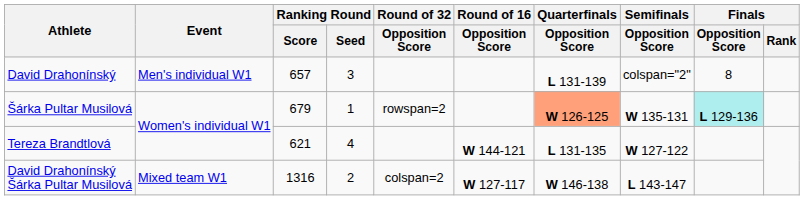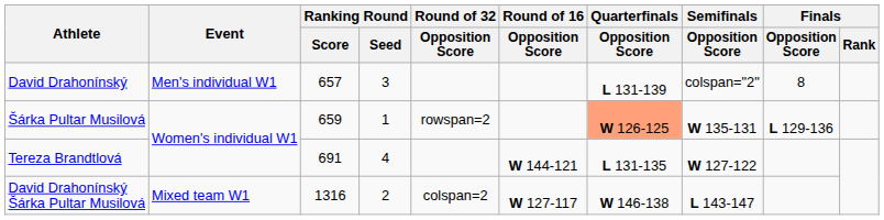 <table class="wikitable" style="text-align: center; font-size:90%">
 <tr>
 <th rowspan="2">Athlete</th>
 <th rowspan="2">Event</th>
 <th colspan="2">Ranking Round</th>
 <th>Round of 32</th>
 <th>Round of 16</th>
 <th>Quarterfinals</th>
 <th>Semifinals</th>
 <th colspan="2">Finals</th>
 </tr>
 <tr style="font-size:95%">
 <th>Score</th>
 <th>Seed</th>
 <th>Opposition<br>Score</th>
 <th>Opposition<br>Score</th>
 <th>Opposition<br>Score</th>
 <th>Opposition<br>Score</th>
 <th>Opposition<br>Score</th>
 <th>Rank</th>
 </tr>
 <tr>
 <td align=left><a href='#'>David Drahonínský</a></td>
 <td align=left><a href='#'>Men's individual W1</a></td>
 <td>657</td>
 <td>3</td>
 <td></td>
 <td></td>
 <td><br><strong>L</strong> 131-139</td>
 <td>colspan="2" </td>
 <td>8</td>
 </tr>
 <tr>
 <td align=left><a href='#'>Šárka Pultar Musilová</a></td>
 <td align=left rowspan=2><a href='#'>Women's individual W1</a></td>
-<td>679</td>
+<td>659</td>
 <td>1</td>
 <td>rowspan=2 </td>
 <td></td>
 <td style="background: lightsalmon;"><br><strong>W</strong> 126-125</td>
 <td><br><strong>W</strong> 135-131</td>
-<td style="background: paleturquoise;"><br><strong>L</strong> 129-136</td>
+<td><br><strong>L</strong> 129-136</td>
 <td></td>
 </tr>
 <tr>
 <td align=left><a href='#'>Tereza Brandtlová</a></td>
-<td>621</td>
+<td>691</td>
 <td>4</td>
 <td></td>
 <td><br><strong>W</strong> 144-121</td>
 <td><br><strong>L</strong> 131-135</td>
 <td><br><strong>W</strong> 127-122</td>
 <td></td>
 </tr>
 <tr>
 <td align=left><a href='#'>David Drahonínský</a><br><a href='#'>Šárka Pultar Musilová</a></td>
 <td align=left><a href='#'>Mixed team W1</a></td>
 <td>1316</td>
 <td>2</td>
 <td>colspan=2 </td>
 <td><br><strong>W</strong> 127-117</td>
 <td><br><strong>W</strong> 146-138</td>
 <td><br><strong>L</strong> 143-147</td>
 <td></td>
 </tr>
 </table>
